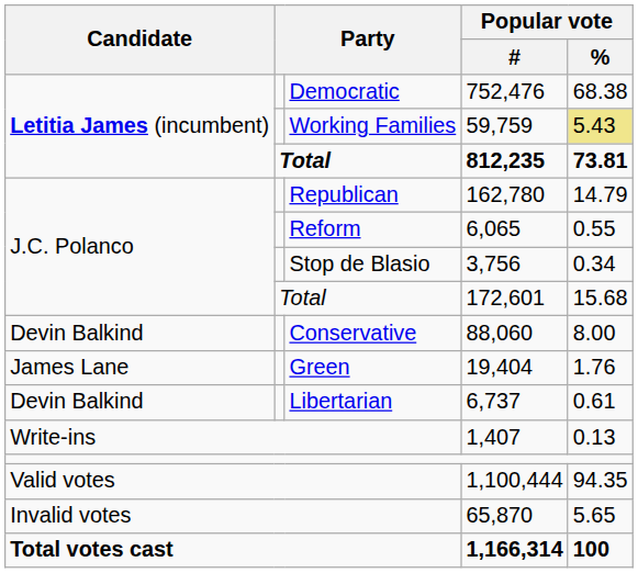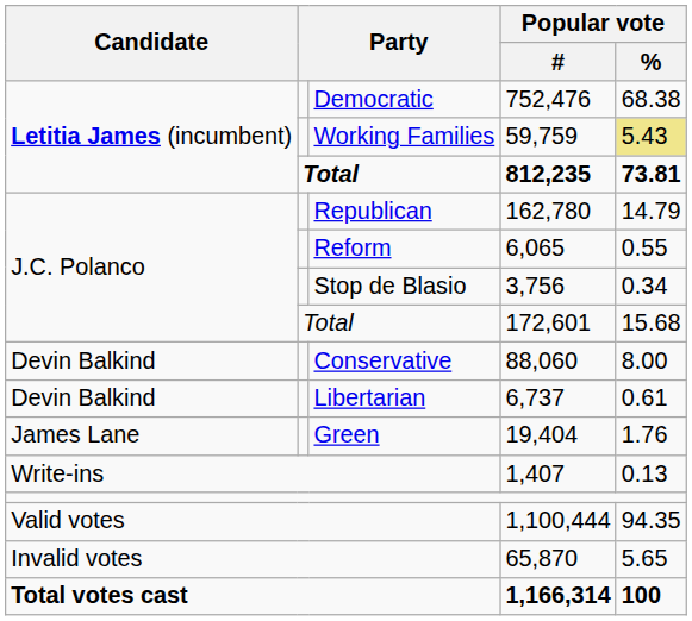 <table class="wikitable">
 <tr>
 <th rowspan="2">Candidate</th>
 <th colspan="2" rowspan="2">Party</th>
 <th colspan="2">Popular vote</th>
 </tr>
 <tr>
 <th>#</th>
 <th>%</th>
 </tr>
 <tr>
 <td rowspan="3"><strong><a href='#'>Letitia James</a></strong> (incumbent)</td>
 <td style="background-color:"></td>
 <td><a href='#'>Democratic</a></td>
 <td>752,476</td>
 <td>68.38</td>
 </tr>
 <tr>
 <td style="background-color:"></td>
 <td><a href='#'>Working Families</a></td>
 <td>59,759</td>
 <td style="background: khaki;">5.43</td>
 </tr>
 <tr>
 <td colspan="2"><strong><em>Total</em></strong></td>
 <td><strong>812,235</strong></td>
 <td><strong>73.81</strong></td>
 </tr>
 <tr>
 <td rowspan="4">J.C. Polanco</td>
 <td style="background-color:"></td>
 <td><a href='#'>Republican</a></td>
 <td>162,780</td>
 <td>14.79</td>
 </tr>
 <tr>
 <td style="background-color:"></td>
 <td><a href='#'>Reform</a></td>
 <td>6,065</td>
 <td>0.55</td>
 </tr>
 <tr>
 <td></td>
 <td>Stop de Blasio</td>
 <td>3,756</td>
 <td>0.34</td>
 </tr>
 <tr>
 <td colspan="2"><em>Total</em></td>
 <td>172,601</td>
 <td>15.68</td>
 </tr>
 <tr>
 <td>Devin Balkind</td>
 <td style="background-color:"></td>
 <td><a href='#'>Conservative</a></td>
 <td>88,060</td>
 <td>8.00</td>
 </tr>
 <tr>
+<td>Devin Balkind</td>
+<td style="background-color:"></td>
+<td><a href='#'>Libertarian</a></td>
+<td>6,737</td>
+<td>0.61</td>
+</tr>
+<tr>
 <td>James Lane</td>
 <td style="background-color:"></td>
 <td><a href='#'>Green</a></td>
 <td>19,404</td>
 <td>1.76</td>
-</tr>
-<tr>
-<td>Devin Balkind</td>
-<td style="background-color:"></td>
-<td><a href='#'>Libertarian</a></td>
-<td>6,737</td>
-<td>0.61</td>
 </tr>
 <tr>
 <td colspan="3">Write-ins</td>
 <td>1,407</td>
 <td>0.13</td>
 </tr>
 <tr>
 <td colspan="5"></td>
 </tr>
 <tr>
 <td colspan="3">Valid votes</td>
 <td>1,100,444</td>
 <td>94.35</td>
 </tr>
 <tr>
 <td colspan="3">Invalid votes</td>
 <td>65,870</td>
 <td>5.65</td>
 </tr>
 <tr>
 <td colspan="3"><strong>Total votes cast</strong></td>
 <td><strong>1,166,314</strong></td>
 <td><strong>100</strong></td>
 </tr>
 </table>
